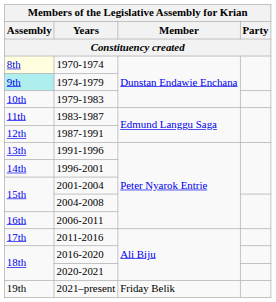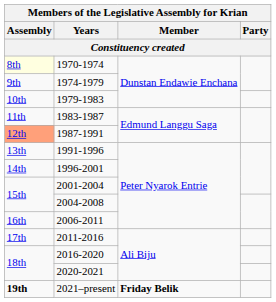 <table class=wikitable>
 <tr>
 <th colspan="4">Members of the Legislative Assembly for Krian</th>
 </tr>
 <tr>
 <th>Assembly</th>
 <th>Years</th>
 <th>Member</th>
 <th>Party</th>
 </tr>
 <tr>
 <th colspan=4 align=center><em>Constituency created</em></th>
 </tr>
 <tr>
 <td style="background: lightyellow;"><a href='#'>8th</a></td>
 <td>1970-1974</td>
 <td rowspan=3><a href='#'>Dunstan Endawie Enchana</a></td>
 <td rowspan=2></td>
 </tr>
 <tr>
-<td style="background: paleturquoise;"><a href='#'>9th</a></td>
+<td><a href='#'>9th</a></td>
 <td>1974-1979</td>
 </tr>
 <tr>
 <td><a href='#'>10th</a></td>
 <td>1979-1983</td>
 <td></td>
 </tr>
 <tr>
 <td><a href='#'>11th</a></td>
 <td>1983-1987</td>
 <td rowspan=2><a href='#'>Edmund Langgu Saga</a></td>
 <td rowspan=2></td>
 </tr>
 <tr>
-<td><a href='#'>12th</a></td>
+<td style="background: lightsalmon;"><a href='#'>12th</a></td>
 <td>1987-1991</td>
 </tr>
 <tr>
 <td><a href='#'>13th</a></td>
 <td>1991-1996</td>
 <td rowspan=5><a href='#'>Peter Nyarok Entrie</a></td>
 <td rowspan=3></td>
 </tr>
 <tr>
 <td><a href='#'>14th</a></td>
 <td>1996-2001</td>
 </tr>
 <tr>
 <td rowspan=2><a href='#'>15th</a></td>
 <td>2001-2004</td>
 </tr>
 <tr>
 <td>2004-2008</td>
 <td rowspan=2></td>
 </tr>
 <tr>
 <td><a href='#'>16th</a></td>
 <td>2006-2011</td>
 </tr>
 <tr>
 <td><a href='#'>17th</a></td>
 <td>2011-2016</td>
 <td rowspan="3"><a href='#'>Ali Biju</a></td>
 <td></td>
 </tr>
 <tr>
 <td rowspan="2"><a href='#'>18th</a></td>
 <td>2016-2020</td>
 <td></td>
 </tr>
 <tr>
 <td>2020-2021</td>
 <td></td>
 </tr>
 <tr>
-<td>19th</td>
+<td><strong>19th</strong></td>
 <td>2021–present</td>
-<td>Friday Belik</td>
+<td><strong>Friday Belik</strong></td>
 <td></td>
 </tr>
 </table>
